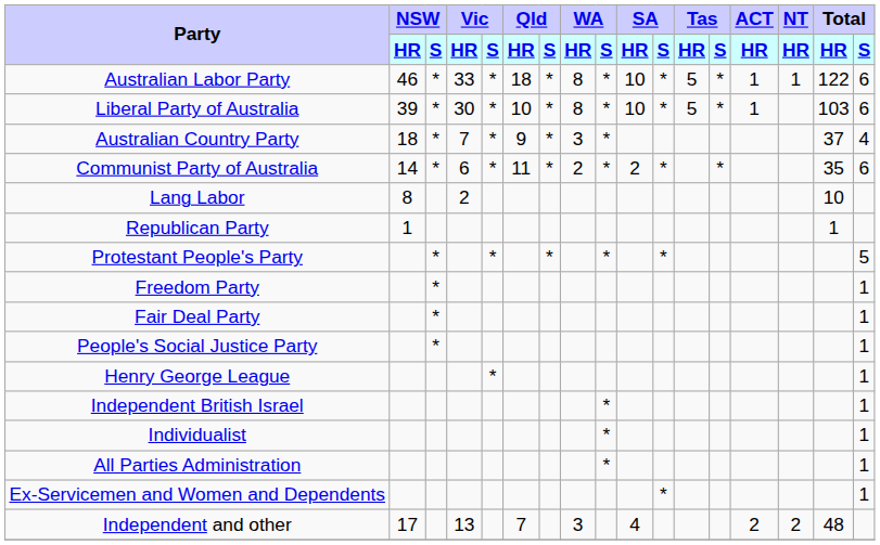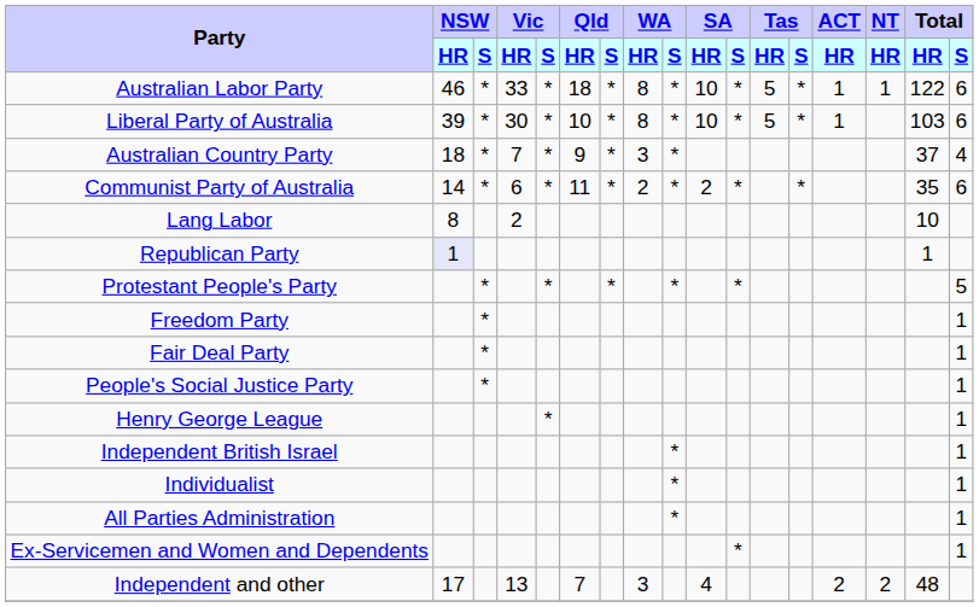 <table class="wikitable" style="text-align:center">
 <tr>
 <th rowspan="2" style="background:#ccf;">Party</th>
 <th colspan="2" style="background:#ccf;"><a href='#'>NSW</a></th>
 <th colspan="2" style="background:#ccf;"><a href='#'>Vic</a></th>
 <th colspan="2" style="background:#ccf;"><a href='#'>Qld</a></th>
 <th colspan="2" style="background:#ccf;"><a href='#'>WA</a></th>
 <th colspan="2" style="background:#ccf;"><a href='#'>SA</a></th>
 <th colspan="2" style="background:#ccf;"><a href='#'>Tas</a></th>
 <th style="background:#ccf;"><a href='#'>ACT</a></th>
 <th style="background:#ccf;"><a href='#'>NT</a></th>
 <th colspan="2" style="background:#ccf;">Total</th>
 </tr>
 <tr>
 <th style="background:#ccffff;"><a href='#'>HR</a></th>
 <th style="background:#ccffff;"><a href='#'>S</a></th>
 <th style="background:#ccffff;"><a href='#'>HR</a></th>
 <th style="background:#ccffff;"><a href='#'>S</a></th>
 <th style="background:#ccffff;"><a href='#'>HR</a></th>
 <th style="background:#ccffff;"><a href='#'>S</a></th>
 <th style="background:#ccffff;"><a href='#'>HR</a></th>
 <th style="background:#ccffff;"><a href='#'>S</a></th>
 <th style="background:#ccffff;"><a href='#'>HR</a></th>
 <th style="background:#ccffff;"><a href='#'>S</a></th>
 <th style="background:#ccffff;"><a href='#'>HR</a></th>
 <th style="background:#ccffff;"><a href='#'>S</a></th>
 <th style="background:#ccffff;"><a href='#'>HR</a></th>
 <th style="background:#ccffff;"><a href='#'>HR</a></th>
 <th style="background:#ccffff;"><a href='#'>HR</a></th>
 <th style="background:#ccffff;"><a href='#'>S</a></th>
 </tr>
 <tr>
 <td style="font-size:100%;"><a href='#'>Australian Labor Party</a></td>
 <td>46</td>
 <td>*</td>
 <td>33</td>
 <td>*</td>
 <td>18</td>
 <td>*</td>
 <td>8</td>
 <td>*</td>
 <td>10</td>
 <td>*</td>
 <td>5</td>
 <td>*</td>
 <td>1</td>
 <td>1</td>
 <td>122</td>
 <td>6</td>
 </tr>
 <tr>
 <td style="font-size:100%;"><a href='#'>Liberal Party of Australia</a></td>
 <td>39</td>
 <td>*</td>
 <td>30</td>
 <td>*</td>
 <td>10</td>
 <td>*</td>
 <td>8</td>
 <td>*</td>
 <td>10</td>
 <td>*</td>
 <td>5</td>
 <td>*</td>
 <td>1</td>
 <td></td>
 <td>103</td>
 <td>6</td>
 </tr>
 <tr>
 <td style="font-size:100%;"><a href='#'>Australian Country Party</a></td>
 <td>18</td>
 <td>*</td>
 <td>7</td>
 <td>*</td>
 <td>9</td>
 <td>*</td>
 <td>3</td>
 <td>*</td>
 <td></td>
 <td></td>
 <td></td>
 <td></td>
 <td></td>
 <td></td>
 <td>37</td>
 <td>4</td>
 </tr>
 <tr>
 <td style="font-size:100%;"><a href='#'>Communist Party of Australia</a></td>
 <td>14</td>
 <td>*</td>
 <td>6</td>
 <td>*</td>
 <td>11</td>
 <td>*</td>
 <td>2</td>
 <td>*</td>
 <td>2</td>
 <td>*</td>
 <td></td>
 <td>*</td>
 <td></td>
 <td></td>
 <td>35</td>
 <td>6</td>
 </tr>
 <tr>
 <td style="font-size:100%;"><a href='#'>Lang Labor</a></td>
 <td>8</td>
 <td></td>
 <td>2</td>
 <td></td>
 <td></td>
 <td></td>
 <td></td>
 <td></td>
 <td></td>
 <td></td>
 <td></td>
 <td></td>
 <td></td>
 <td></td>
 <td>10</td>
 <td></td>
 </tr>
 <tr>
 <td style="font-size:100%;"><a href='#'>Republican Party</a></td>
-<td>1</td>
+<td style="background: lavender;">1</td>
 <td></td>
 <td></td>
 <td></td>
 <td></td>
 <td></td>
 <td></td>
 <td></td>
 <td></td>
 <td></td>
 <td></td>
 <td></td>
 <td></td>
 <td></td>
 <td>1</td>
 <td></td>
 </tr>
 <tr>
 <td style="font-size:100%;"><a href='#'>Protestant People's Party</a></td>
 <td></td>
 <td>*</td>
 <td></td>
 <td>*</td>
 <td></td>
 <td>*</td>
 <td></td>
 <td>*</td>
 <td></td>
 <td>*</td>
 <td></td>
 <td></td>
 <td></td>
 <td></td>
 <td></td>
 <td>5</td>
 </tr>
 <tr>
 <td style="font-size:100%;"><a href='#'>Freedom Party</a></td>
 <td></td>
 <td>*</td>
 <td></td>
 <td></td>
 <td></td>
 <td></td>
 <td></td>
 <td></td>
 <td></td>
 <td></td>
 <td></td>
 <td></td>
 <td></td>
 <td></td>
 <td></td>
 <td>1</td>
 </tr>
 <tr>
 <td style="font-size:100%;"><a href='#'>Fair Deal Party</a></td>
 <td></td>
 <td>*</td>
 <td></td>
 <td></td>
 <td></td>
 <td></td>
 <td></td>
 <td></td>
 <td></td>
 <td></td>
 <td></td>
 <td></td>
 <td></td>
 <td></td>
 <td></td>
 <td>1</td>
 </tr>
 <tr>
 <td style="font-size:100%;"><a href='#'>People's Social Justice Party</a></td>
 <td></td>
 <td>*</td>
 <td></td>
 <td></td>
 <td></td>
 <td></td>
 <td></td>
 <td></td>
 <td></td>
 <td></td>
 <td></td>
 <td></td>
 <td></td>
 <td></td>
 <td></td>
 <td>1</td>
 </tr>
 <tr>
 <td style="font-size:100%;"><a href='#'>Henry George League</a></td>
 <td></td>
 <td></td>
 <td></td>
 <td>*</td>
 <td></td>
 <td></td>
 <td></td>
 <td></td>
 <td></td>
 <td></td>
 <td></td>
 <td></td>
 <td></td>
 <td></td>
 <td></td>
 <td>1</td>
 </tr>
 <tr>
 <td style="font-size:100%;"><a href='#'>Independent British Israel</a></td>
 <td></td>
 <td></td>
 <td></td>
 <td></td>
 <td></td>
 <td></td>
 <td></td>
 <td>*</td>
 <td></td>
 <td></td>
 <td></td>
 <td></td>
 <td></td>
 <td></td>
 <td></td>
 <td>1</td>
 </tr>
 <tr>
 <td style="font-size:100%;"><a href='#'>Individualist</a></td>
 <td></td>
 <td></td>
 <td></td>
 <td></td>
 <td></td>
 <td></td>
 <td></td>
 <td>*</td>
 <td></td>
 <td></td>
 <td></td>
 <td></td>
 <td></td>
 <td></td>
 <td></td>
 <td>1</td>
 </tr>
 <tr>
 <td style="font-size:100%;"><a href='#'>All Parties Administration</a></td>
 <td></td>
 <td></td>
 <td></td>
 <td></td>
 <td></td>
 <td></td>
 <td></td>
 <td>*</td>
 <td></td>
 <td></td>
 <td></td>
 <td></td>
 <td></td>
 <td></td>
 <td></td>
 <td>1</td>
 </tr>
 <tr>
 <td style="font-size:100%;"><a href='#'>Ex-Servicemen and Women and Dependents</a></td>
 <td></td>
 <td></td>
 <td></td>
 <td></td>
 <td></td>
 <td></td>
 <td></td>
 <td></td>
 <td></td>
 <td>*</td>
 <td></td>
 <td></td>
 <td></td>
 <td></td>
 <td></td>
 <td>1</td>
 </tr>
 <tr>
 <td style="font-size:100%;"><a href='#'>Independent</a> and other</td>
 <td>17</td>
 <td></td>
 <td>13</td>
 <td></td>
 <td>7</td>
 <td></td>
 <td>3</td>
 <td></td>
 <td>4</td>
 <td></td>
 <td></td>
 <td></td>
 <td>2</td>
 <td>2</td>
 <td>48</td>
 <td></td>
 </tr>
 <tr>
 </tr>
 </table>
